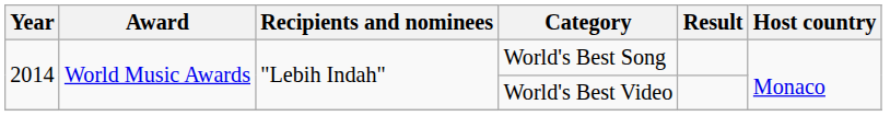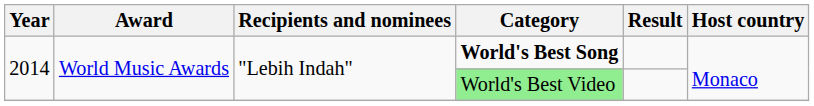 <table class="wikitable">
 <tr>
 <th>Year</th>
 <th>Award</th>
 <th>Recipients and nominees</th>
 <th>Category</th>
 <th>Result</th>
 <th>Host country</th>
 </tr>
 <tr>
 <td rowspan="2">2014</td>
 <td rowspan="2"><a href='#'>World Music Awards</a></td>
 <td rowspan="2">"Lebih Indah"</td>
-<td rowspan="1">World's Best Song</td>
+<td rowspan="1"><strong>World's Best Song</strong></td>
 <td></td>
 <td rowspan="2"> <br> <a href='#'>Monaco</a></td>
 </tr>
 <tr>
-<td rowspan="1">World's Best Video</td>
+<td rowspan="1" style="background: lightgreen;">World's Best Video</td>
 <td></td>
 </tr>
 <tr>
 </tr>
 </table>
